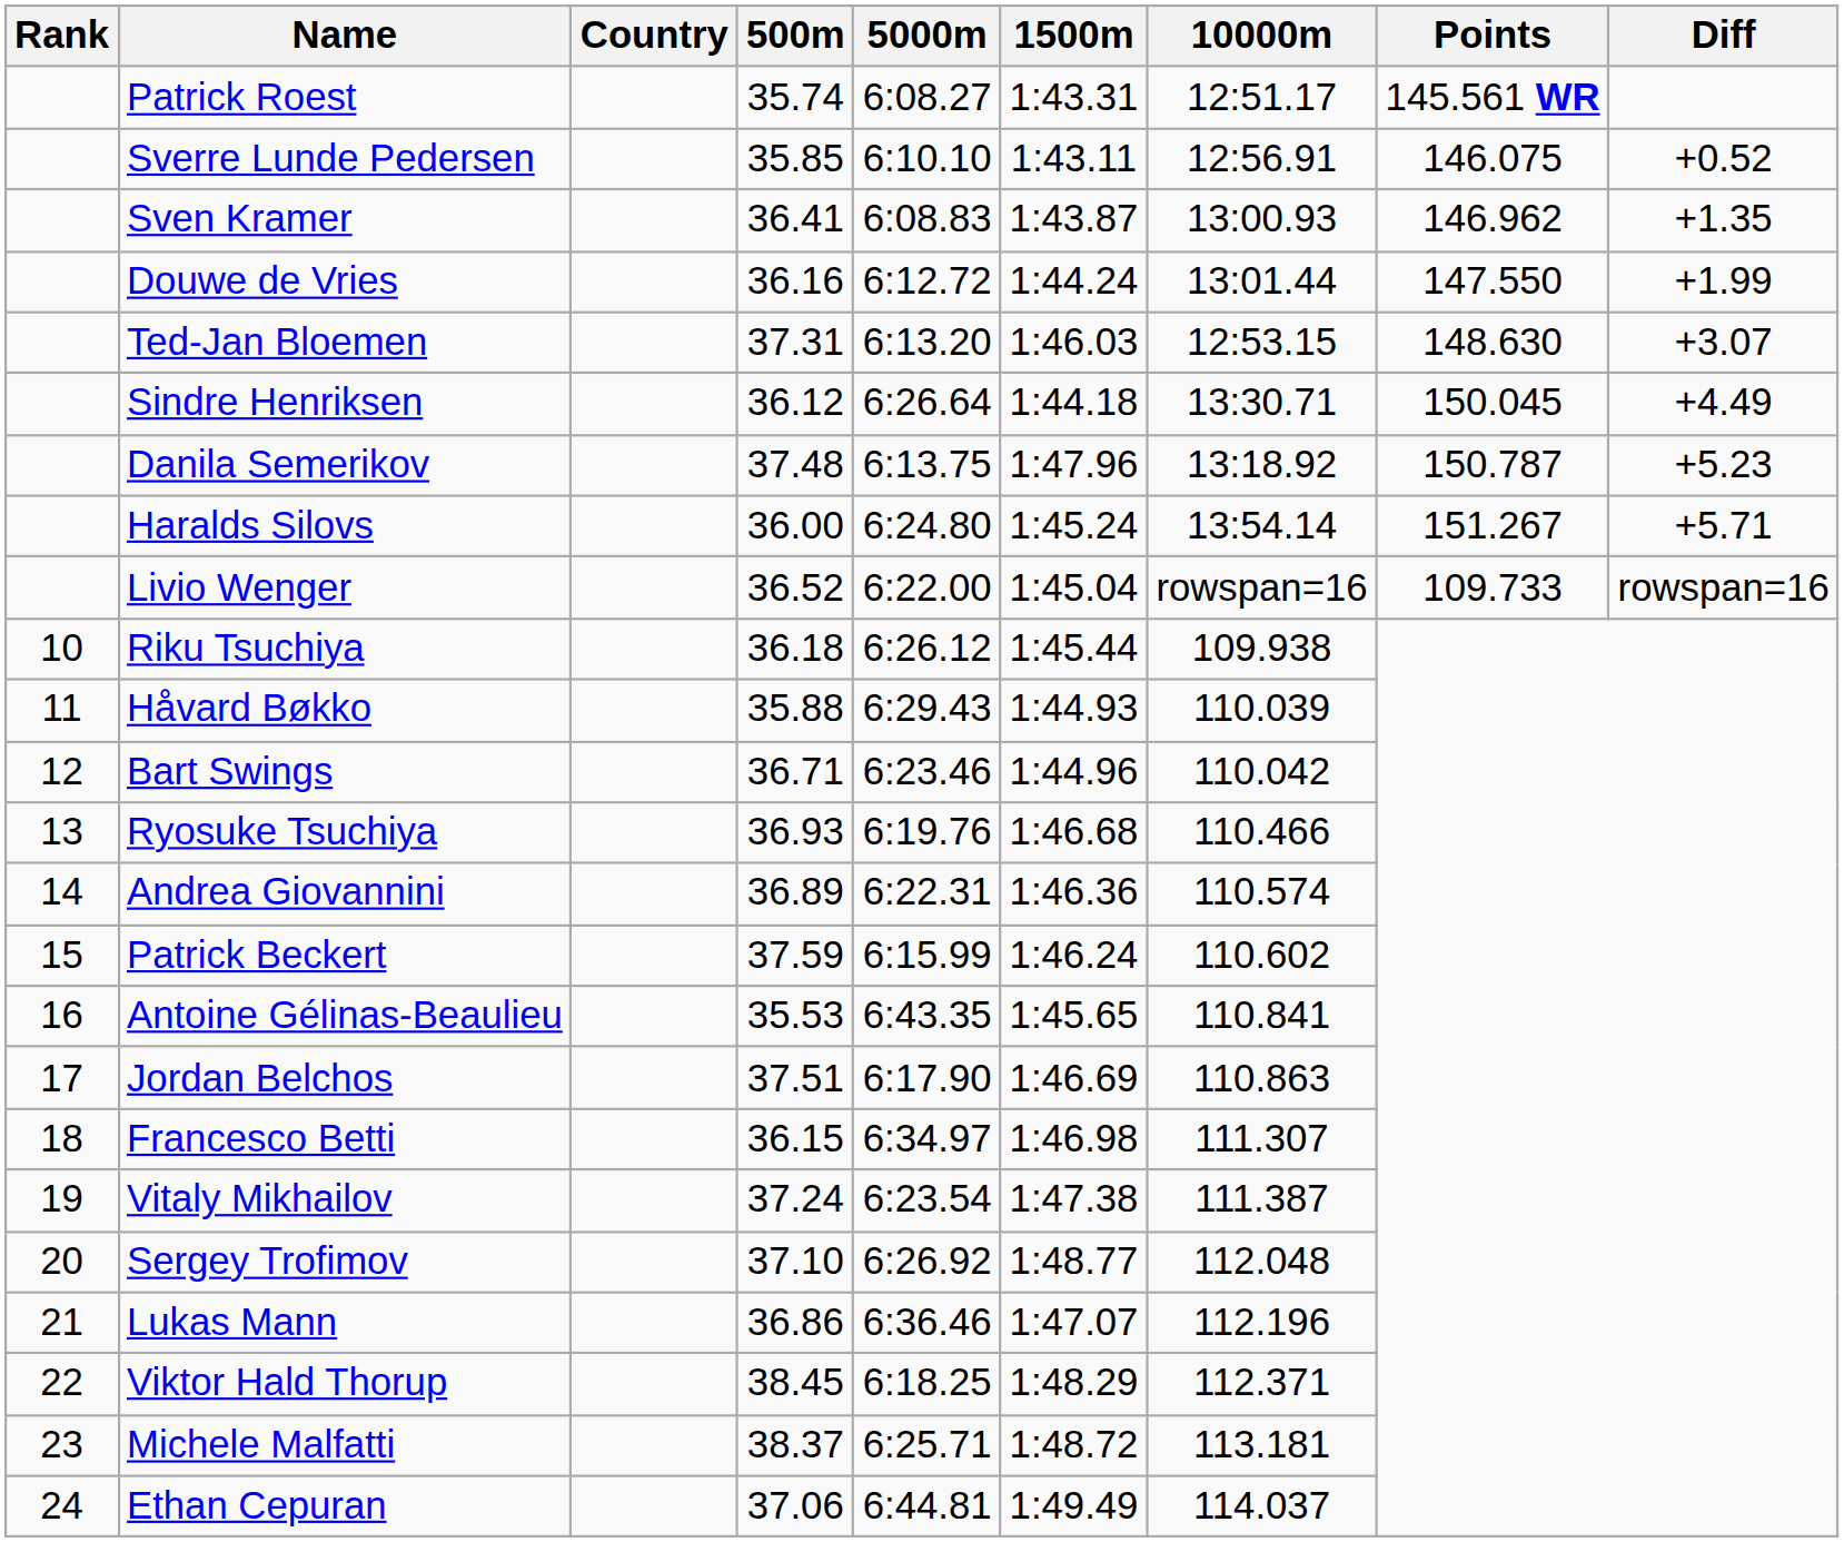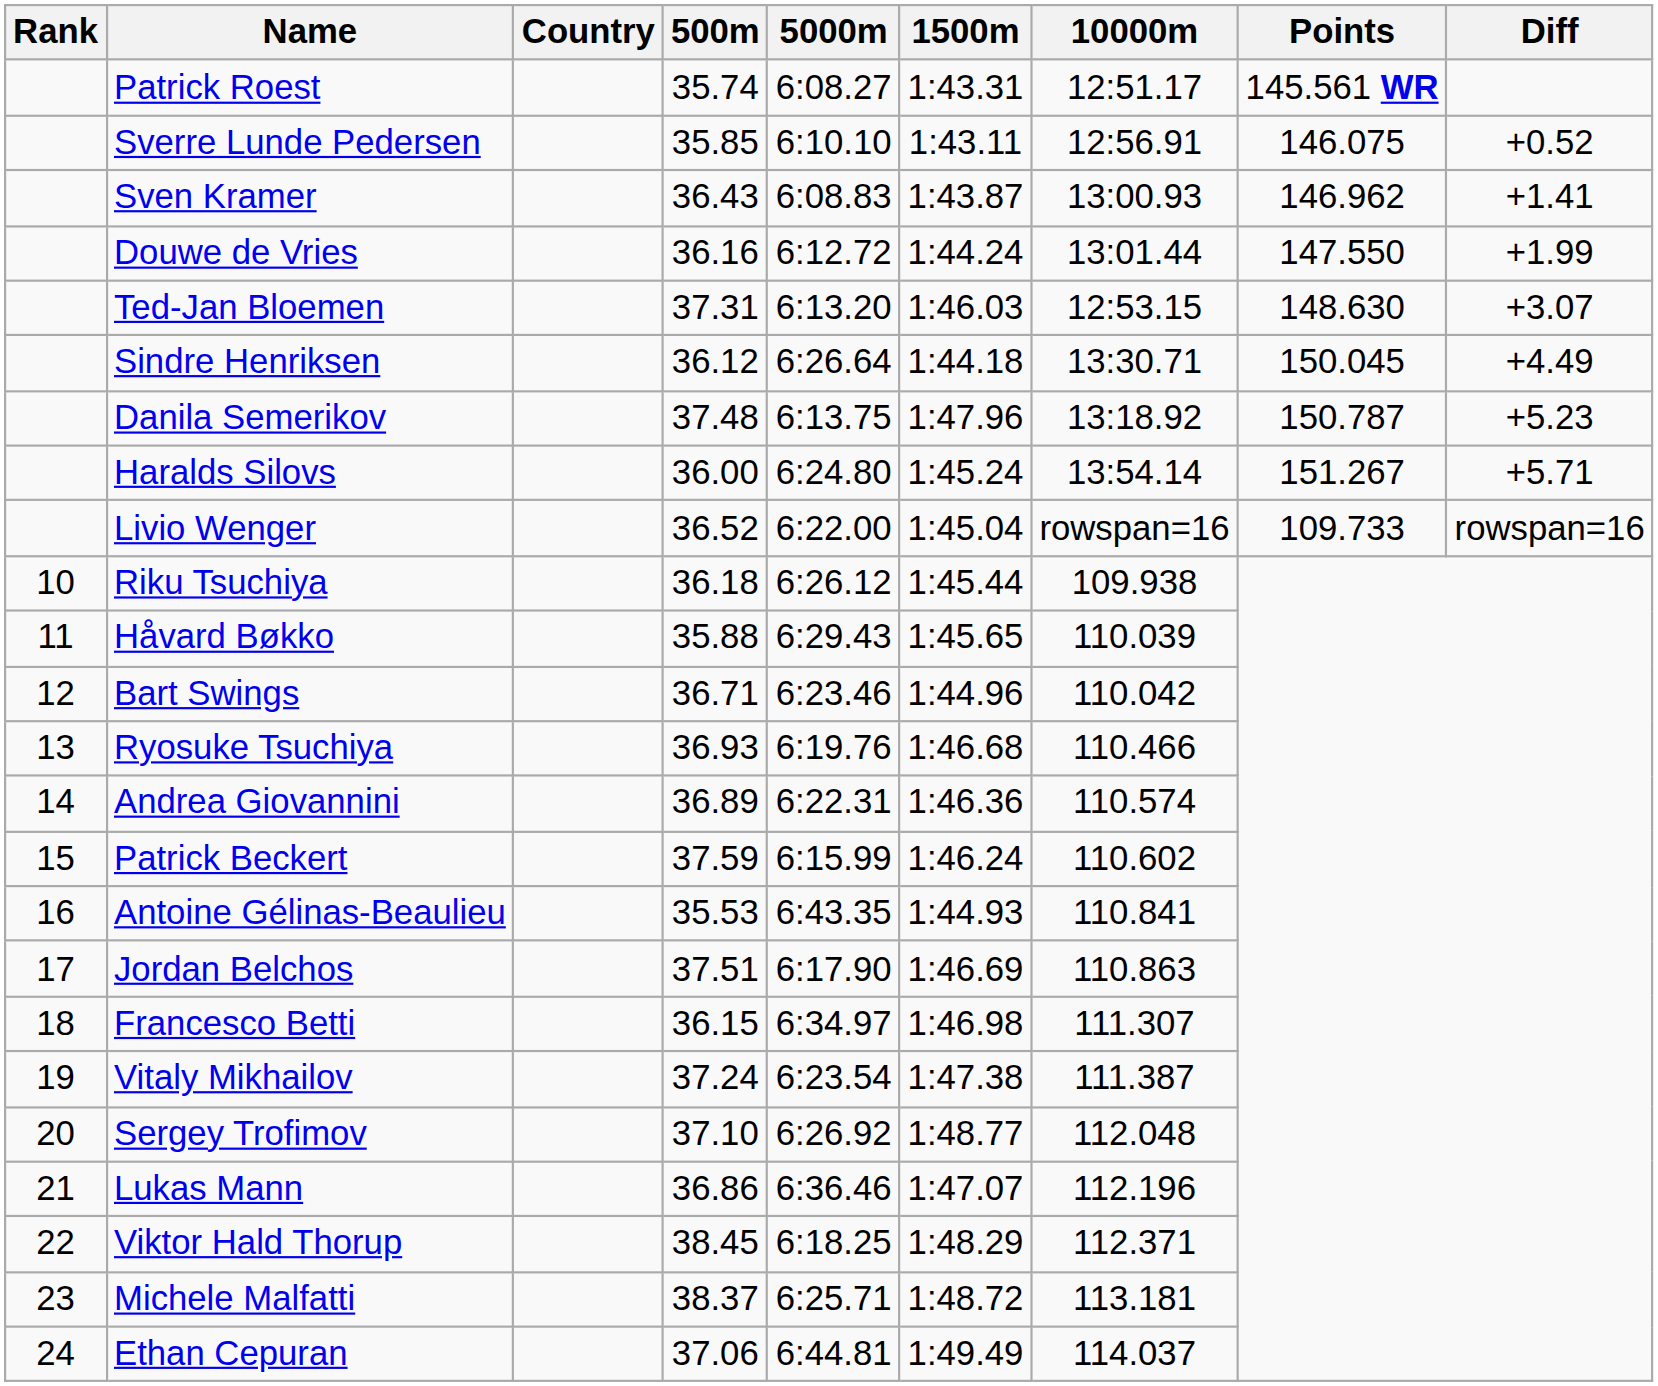 <table class="wikitable sortable" style="text-align:center">
 <tr>
 <th>Rank</th>
 <th>Name</th>
 <th>Country</th>
 <th>500m</th>
 <th>5000m</th>
 <th>1500m</th>
 <th>10000m</th>
 <th>Points</th>
 <th>Diff</th>
 </tr>
 <tr>
 <td></td>
 <td align=left><a href='#'>Patrick Roest</a></td>
 <td align=left></td>
 <td>35.74</td>
 <td>6:08.27</td>
 <td>1:43.31</td>
 <td>12:51.17</td>
 <td>145.561 <strong><a href='#'>WR</a></strong></td>
 <td></td>
 </tr>
 <tr>
 <td></td>
 <td align=left><a href='#'>Sverre Lunde Pedersen</a></td>
 <td align=left></td>
 <td>35.85</td>
 <td>6:10.10</td>
 <td>1:43.11</td>
 <td>12:56.91</td>
 <td>146.075</td>
 <td>+0.52</td>
 </tr>
 <tr>
 <td></td>
 <td align=left><a href='#'>Sven Kramer</a></td>
 <td align=left></td>
-<td>36.41</td>
+<td>36.43</td>
 <td>6:08.83</td>
 <td>1:43.87</td>
 <td>13:00.93</td>
 <td>146.962</td>
-<td>+1.35</td>
+<td>+1.41</td>
 </tr>
 <tr>
 <td></td>
 <td align=left><a href='#'>Douwe de Vries</a></td>
 <td align=left></td>
 <td>36.16</td>
 <td>6:12.72</td>
 <td>1:44.24</td>
 <td>13:01.44</td>
 <td>147.550</td>
 <td>+1.99</td>
 </tr>
 <tr>
 <td></td>
 <td align=left><a href='#'>Ted-Jan Bloemen</a></td>
 <td align=left></td>
 <td>37.31</td>
 <td>6:13.20</td>
 <td>1:46.03</td>
 <td>12:53.15</td>
 <td>148.630</td>
 <td>+3.07</td>
 </tr>
 <tr>
 <td></td>
 <td align=left><a href='#'>Sindre Henriksen</a></td>
 <td align=left></td>
 <td>36.12</td>
 <td>6:26.64</td>
 <td>1:44.18</td>
 <td>13:30.71</td>
 <td>150.045</td>
 <td>+4.49</td>
 </tr>
 <tr>
 <td></td>
 <td align=left><a href='#'>Danila Semerikov</a></td>
 <td align=left></td>
 <td>37.48</td>
 <td>6:13.75</td>
 <td>1:47.96</td>
 <td>13:18.92</td>
 <td>150.787</td>
 <td>+5.23</td>
 </tr>
 <tr>
 <td></td>
 <td align=left><a href='#'>Haralds Silovs</a></td>
 <td align=left></td>
 <td>36.00</td>
 <td>6:24.80</td>
 <td>1:45.24</td>
 <td>13:54.14</td>
 <td>151.267</td>
 <td>+5.71</td>
 </tr>
 <tr>
 <td></td>
 <td align=left><a href='#'>Livio Wenger</a></td>
 <td align=left></td>
 <td>36.52</td>
 <td>6:22.00</td>
 <td>1:45.04</td>
 <td>rowspan=16 </td>
 <td>109.733</td>
 <td>rowspan=16 </td>
 </tr>
 <tr>
 <td>10</td>
 <td align=left><a href='#'>Riku Tsuchiya</a></td>
 <td align=left></td>
 <td>36.18</td>
 <td>6:26.12</td>
 <td>1:45.44</td>
 <td>109.938</td>
 </tr>
 <tr>
 <td>11</td>
 <td align=left><a href='#'>Håvard Bøkko</a></td>
 <td align=left></td>
 <td>35.88</td>
 <td>6:29.43</td>
-<td>1:44.93</td>
+<td>1:45.65</td>
 <td>110.039</td>
 </tr>
 <tr>
 <td>12</td>
 <td align=left><a href='#'>Bart Swings</a></td>
 <td align=left></td>
 <td>36.71</td>
 <td>6:23.46</td>
 <td>1:44.96</td>
 <td>110.042</td>
 </tr>
 <tr>
 <td>13</td>
 <td align=left><a href='#'>Ryosuke Tsuchiya</a></td>
 <td align=left></td>
 <td>36.93</td>
 <td>6:19.76</td>
 <td>1:46.68</td>
 <td>110.466</td>
 </tr>
 <tr>
 <td>14</td>
 <td align=left><a href='#'>Andrea Giovannini</a></td>
 <td align=left></td>
 <td>36.89</td>
 <td>6:22.31</td>
 <td>1:46.36</td>
 <td>110.574</td>
 </tr>
 <tr>
 <td>15</td>
 <td align=left><a href='#'>Patrick Beckert</a></td>
 <td align=left></td>
 <td>37.59</td>
 <td>6:15.99</td>
 <td>1:46.24</td>
 <td>110.602</td>
 </tr>
 <tr>
 <td>16</td>
 <td align=left><a href='#'>Antoine Gélinas-Beaulieu</a></td>
 <td align=left></td>
 <td>35.53</td>
 <td>6:43.35</td>
-<td>1:45.65</td>
+<td>1:44.93</td>
 <td>110.841</td>
 </tr>
 <tr>
 <td>17</td>
 <td align=left><a href='#'>Jordan Belchos</a></td>
 <td align=left></td>
 <td>37.51</td>
 <td>6:17.90</td>
 <td>1:46.69</td>
 <td>110.863</td>
 </tr>
 <tr>
 <td>18</td>
 <td align=left><a href='#'>Francesco Betti</a></td>
 <td align=left></td>
 <td>36.15</td>
 <td>6:34.97</td>
 <td>1:46.98</td>
 <td>111.307</td>
 </tr>
 <tr>
 <td>19</td>
 <td align=left><a href='#'>Vitaly Mikhailov</a></td>
 <td align=left></td>
 <td>37.24</td>
 <td>6:23.54</td>
 <td>1:47.38</td>
 <td>111.387</td>
 </tr>
 <tr>
 <td>20</td>
 <td align=left><a href='#'>Sergey Trofimov</a></td>
 <td align=left></td>
 <td>37.10</td>
 <td>6:26.92</td>
 <td>1:48.77</td>
 <td>112.048</td>
 </tr>
 <tr>
 <td>21</td>
 <td align=left><a href='#'>Lukas Mann</a></td>
 <td align=left></td>
 <td>36.86</td>
 <td>6:36.46</td>
 <td>1:47.07</td>
 <td>112.196</td>
 </tr>
 <tr>
 <td>22</td>
 <td align=left><a href='#'>Viktor Hald Thorup</a></td>
 <td align=left></td>
 <td>38.45</td>
 <td>6:18.25</td>
 <td>1:48.29</td>
 <td>112.371</td>
 </tr>
 <tr>
 <td>23</td>
 <td align=left><a href='#'>Michele Malfatti</a></td>
 <td align=left></td>
 <td>38.37</td>
 <td>6:25.71</td>
 <td>1:48.72</td>
 <td>113.181</td>
 </tr>
 <tr>
 <td>24</td>
 <td align=left><a href='#'>Ethan Cepuran</a></td>
 <td align=left></td>
 <td>37.06</td>
 <td>6:44.81</td>
 <td>1:49.49</td>
 <td>114.037</td>
 </tr>
 </table>
